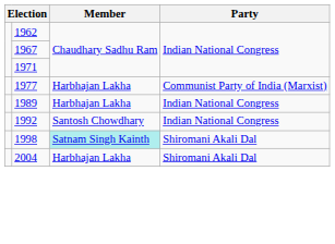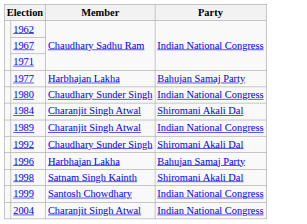 <table class="wikitable">
 <tr>
 <th colspan="2">Election</th>
 <th>Member</th>
 <th>Party</th>
 </tr>
 <tr>
 <td rowspan="3" style="background-color: "></td>
 <td><a href='#'>1962</a></td>
 <td rowspan="3"><a href='#'>Chaudhary Sadhu Ram</a></td>
 <td rowspan="3"><a href='#'>Indian National Congress</a></td>
 </tr>
 <tr>
 <td><a href='#'>1967</a></td>
 </tr>
 <tr>
 <td><a href='#'>1971</a></td>
 </tr>
 <tr>
 <td style="background-color: "></td>
 <td><a href='#'>1977</a></td>
 <td><a href='#'>Harbhajan Lakha</a></td>
-<td><a href='#'>Communist Party of India (Marxist)</a></td>
+<td><a href='#'>Bahujan Samaj Party</a></td>
+</tr>
+<tr>
+<td style="background-color: "></td>
+<td><a href='#'>1980</a></td>
+<td><a href='#'>Chaudhary Sunder Singh</a></td>
+<td><a href='#'>Indian National Congress</a></td>
+</tr>
+<tr>
+<td style="background-color: "></td>
+<td><a href='#'>1984</a></td>
+<td><a href='#'>Charanjit Singh Atwal</a></td>
+<td><a href='#'>Shiromani Akali Dal</a></td>
 </tr>
 <tr>
 <td style="background-color: "></td>
 <td><a href='#'>1989</a></td>
-<td><a href='#'>Harbhajan Lakha</a></td>
+<td><a href='#'>Charanjit Singh Atwal</a></td>
 <td><a href='#'>Indian National Congress</a></td>
 </tr>
 <tr>
 <td style="background-color: "></td>
 <td><a href='#'>1992</a></td>
+<td><a href='#'>Chaudhary Sunder Singh</a></td>
+<td><a href='#'>Shiromani Akali Dal</a></td>
+</tr>
+<tr>
+<td style="background-color: "></td>
+<td><a href='#'>1996</a></td>
+<td><a href='#'>Harbhajan Lakha</a></td>
+<td><a href='#'>Bahujan Samaj Party</a></td>
+</tr>
+<tr>
+<td style="background-color: "></td>
+<td><a href='#'>1998</a></td>
+<td><a href='#'>Satnam Singh Kainth</a></td>
+<td><a href='#'>Shiromani Akali Dal</a></td>
+</tr>
+<tr>
+<td style="background-color: "></td>
+<td><a href='#'>1999</a></td>
 <td><a href='#'>Santosh Chowdhary</a></td>
 <td><a href='#'>Indian National Congress</a></td>
 </tr>
 <tr>
 <td style="background-color: "></td>
-<td><a href='#'>1998</a></td>
-<td style="background: paleturquoise;"><a href='#'>Satnam Singh Kainth</a></td>
-<td><a href='#'>Shiromani Akali Dal</a></td>
-</tr>
-<tr>
-<td style="background-color: "></td>
 <td><a href='#'>2004</a></td>
-<td><a href='#'>Harbhajan Lakha</a></td>
-<td><a href='#'>Shiromani Akali Dal</a></td>
+<td><a href='#'>Charanjit Singh Atwal</a></td>
+<td><a href='#'>Indian National Congress</a></td>
 </tr>
 </table>
